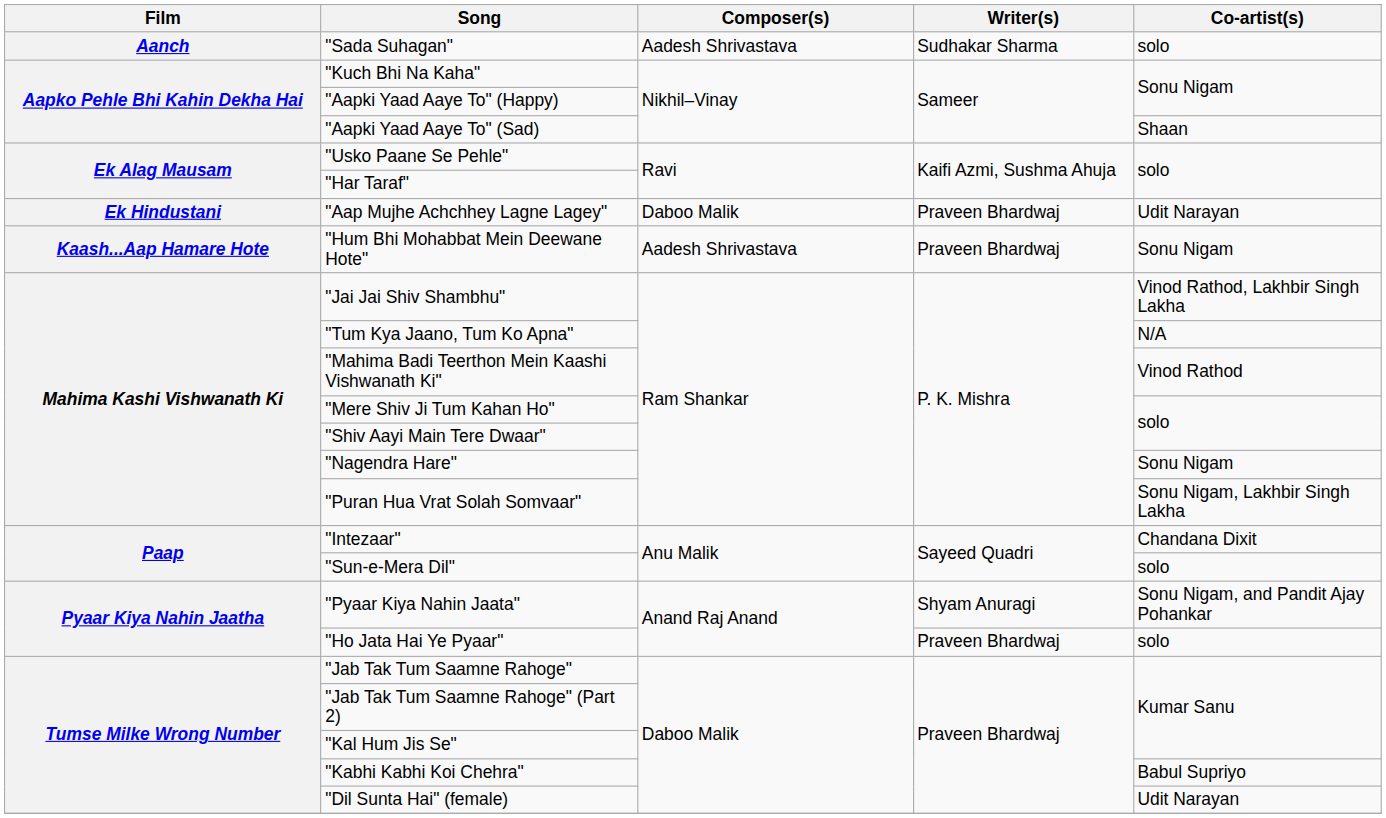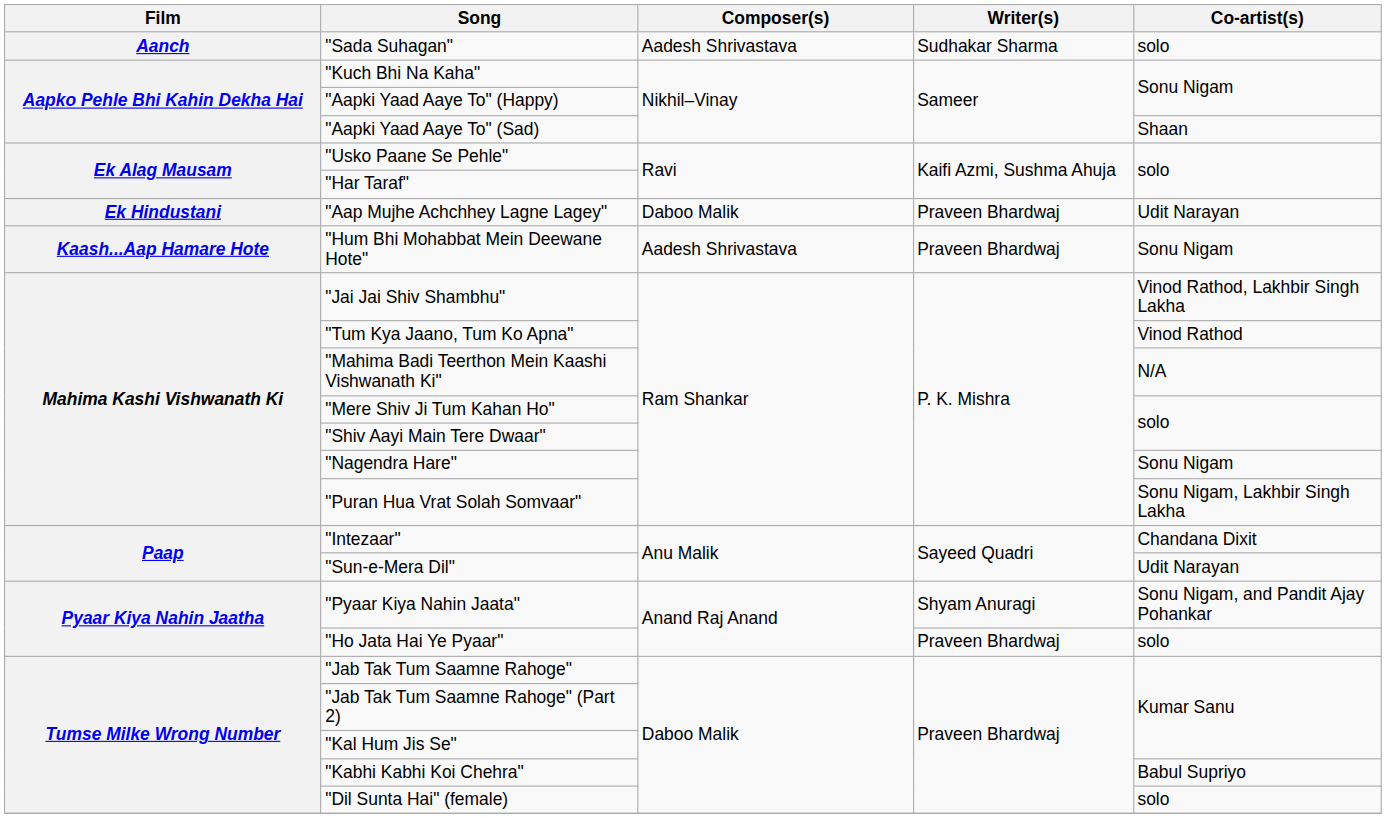 <table class="wikitable plainrowheaders" style="width:100%; textcolor:#000">
 <tr style="background:#b0e0e66;">
 <th scope="col" style="width:23%;"><strong>Film</strong></th>
 <th scope="col" style="width:23%;"><strong>Song</strong></th>
 <th scope="col" style="width:20%;"><strong>Composer(s)</strong></th>
 <th scope="col" style="width:16%;"><strong>Writer(s)</strong></th>
 <th scope="col" style="width:18%;"><strong>Co-artist(s)</strong></th>
 </tr>
 <tr>
 <th><em><a href='#'>Aanch</a></em></th>
 <td>"Sada Suhagan"</td>
 <td>Aadesh Shrivastava</td>
 <td>Sudhakar Sharma</td>
 <td>solo</td>
 </tr>
 <tr>
 <th Rowspan=3><em><a href='#'>Aapko Pehle Bhi Kahin Dekha Hai</a></em></th>
 <td>"Kuch Bhi Na Kaha"</td>
 <td rowspan=3>Nikhil–Vinay</td>
 <td rowspan=3>Sameer</td>
 <td rowspan=2>Sonu Nigam</td>
 </tr>
 <tr>
 <td>"Aapki Yaad Aaye To" (Happy)</td>
 </tr>
 <tr>
 <td>"Aapki Yaad Aaye To" (Sad)</td>
 <td>Shaan</td>
 </tr>
 <tr>
 <th Rowspan=2><em><a href='#'>Ek Alag Mausam</a></em></th>
 <td>"Usko Paane Se Pehle"</td>
 <td Rowspan=2>Ravi</td>
 <td rowspan=2>Kaifi Azmi, Sushma Ahuja</td>
 <td Rowspan=2>solo</td>
 </tr>
 <tr>
 <td>"Har Taraf"</td>
 </tr>
 <tr>
 <th><em><a href='#'>Ek Hindustani</a></em></th>
 <td>"Aap Mujhe Achchhey Lagne Lagey"</td>
 <td>Daboo Malik</td>
 <td>Praveen Bhardwaj</td>
 <td>Udit Narayan</td>
 </tr>
 <tr>
 <th><em><a href='#'>Kaash...Aap Hamare Hote</a></em></th>
 <td>"Hum Bhi Mohabbat Mein Deewane Hote"</td>
 <td>Aadesh Shrivastava</td>
 <td>Praveen Bhardwaj</td>
 <td>Sonu Nigam</td>
 </tr>
 <tr>
 <th rowspan=7><em>Mahima Kashi Vishwanath Ki</em></th>
 <td>"Jai Jai Shiv Shambhu"</td>
 <td rowspan=7>Ram Shankar</td>
 <td Rowspan=7>P. K. Mishra</td>
 <td>Vinod Rathod, Lakhbir Singh Lakha</td>
 </tr>
 <tr>
 <td>"Tum Kya Jaano, Tum Ko Apna"</td>
-<td>N/A</td>
+<td>Vinod Rathod</td>
 </tr>
 <tr>
 <td>"Mahima Badi Teerthon Mein Kaashi Vishwanath Ki"</td>
-<td>Vinod Rathod</td>
+<td>N/A</td>
 </tr>
 <tr>
 <td>"Mere Shiv Ji Tum Kahan Ho"</td>
 <td rowspan=2>solo</td>
 </tr>
 <tr>
 <td>"Shiv Aayi Main Tere Dwaar"</td>
 </tr>
 <tr>
 <td>"Nagendra Hare"</td>
 <td>Sonu Nigam</td>
 </tr>
 <tr>
 <td>"Puran Hua Vrat Solah Somvaar"</td>
 <td>Sonu Nigam, Lakhbir Singh Lakha</td>
 </tr>
 <tr>
 <th Rowspan=2><em><a href='#'>Paap</a></em></th>
 <td>"Intezaar"</td>
 <td rowspan=2>Anu Malik</td>
 <td rowspan=2>Sayeed Quadri</td>
 <td>Chandana Dixit</td>
 </tr>
 <tr>
 <td>"Sun-e-Mera Dil"</td>
-<td>solo</td>
+<td>Udit Narayan</td>
 </tr>
 <tr>
 <th Rowspan=2><em><a href='#'>Pyaar Kiya Nahin Jaatha</a></em></th>
 <td>"Pyaar Kiya Nahin Jaata"</td>
 <td rowspan=2>Anand Raj Anand</td>
 <td>Shyam Anuragi</td>
 <td>Sonu Nigam, and Pandit Ajay Pohankar</td>
 </tr>
 <tr>
 <td>"Ho Jata Hai Ye Pyaar"</td>
 <td>Praveen Bhardwaj</td>
 <td>solo</td>
 </tr>
 <tr>
 <th Rowspan=5><em><a href='#'>Tumse Milke Wrong Number</a></em></th>
 <td>"Jab Tak Tum Saamne Rahoge"</td>
 <td rowspan=5>Daboo Malik</td>
 <td rowspan=5>Praveen Bhardwaj</td>
 <td rowspan=3>Kumar Sanu</td>
 </tr>
 <tr>
 <td>"Jab Tak Tum Saamne Rahoge" (Part 2)</td>
 </tr>
 <tr>
 <td>"Kal Hum Jis Se"</td>
 </tr>
 <tr>
 <td>"Kabhi Kabhi Koi Chehra"</td>
 <td>Babul Supriyo</td>
 </tr>
 <tr>
 <td>"Dil Sunta Hai" (female)</td>
-<td>Udit Narayan</td>
+<td>solo</td>
 </tr>
 <tr>
 </tr>
 </table>
